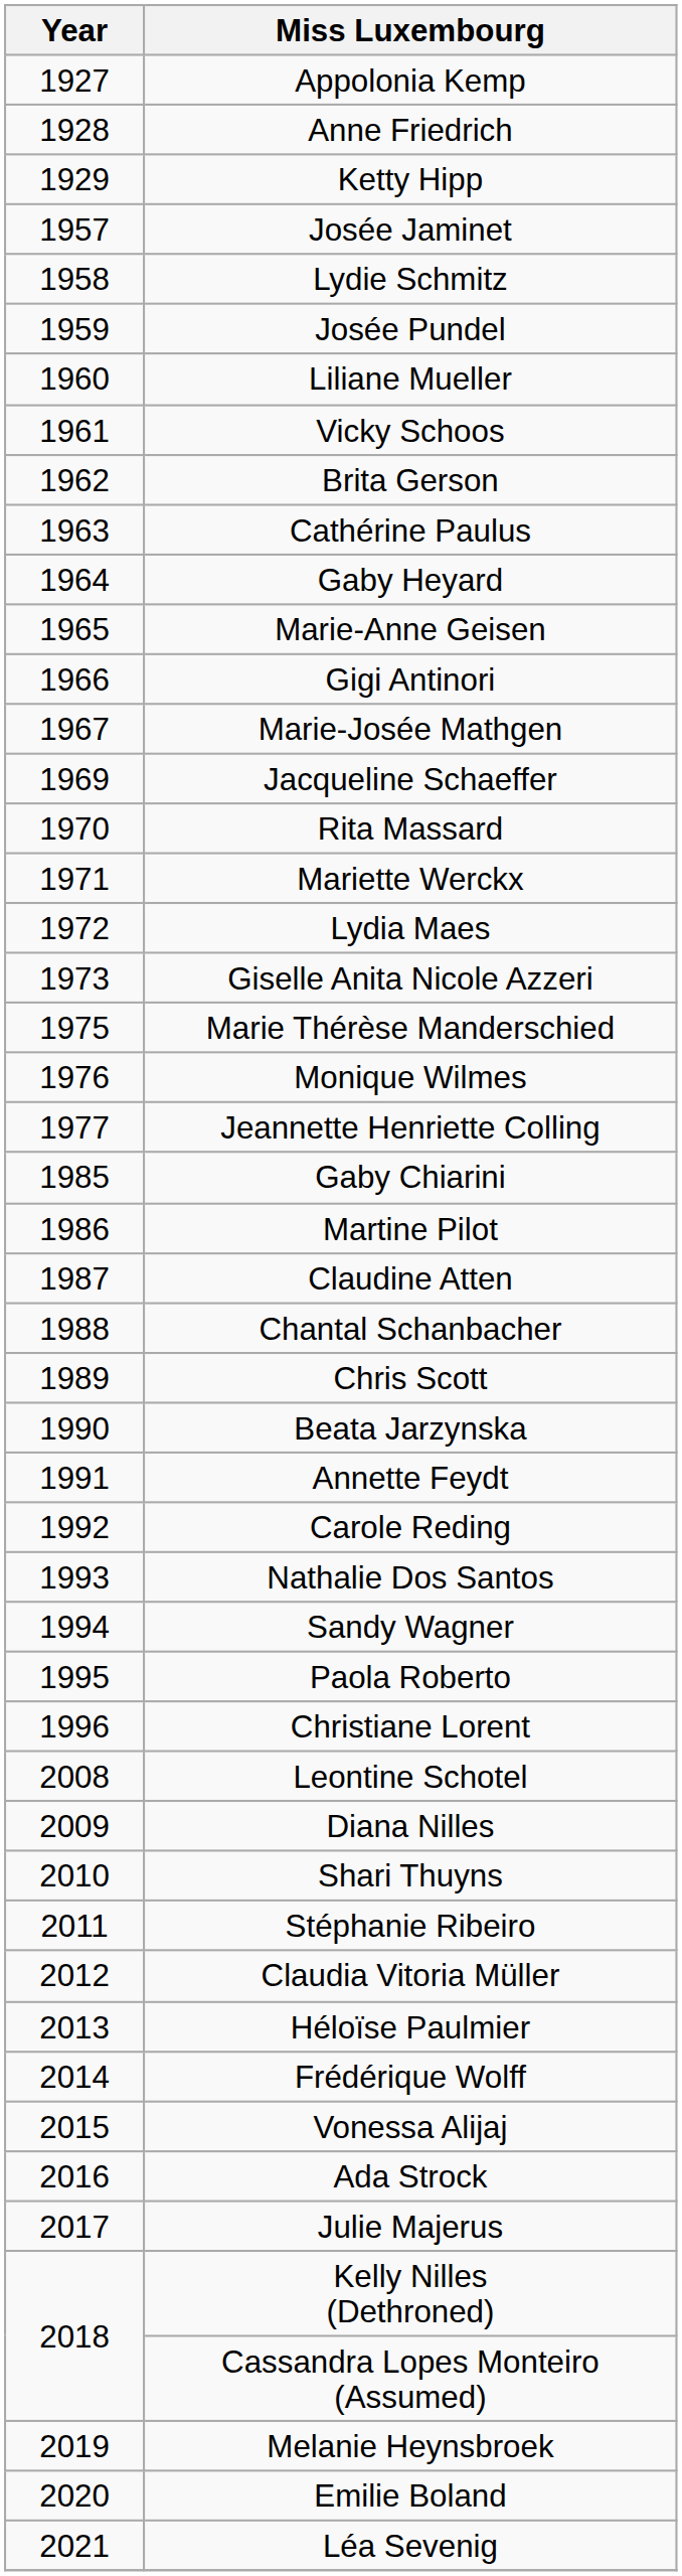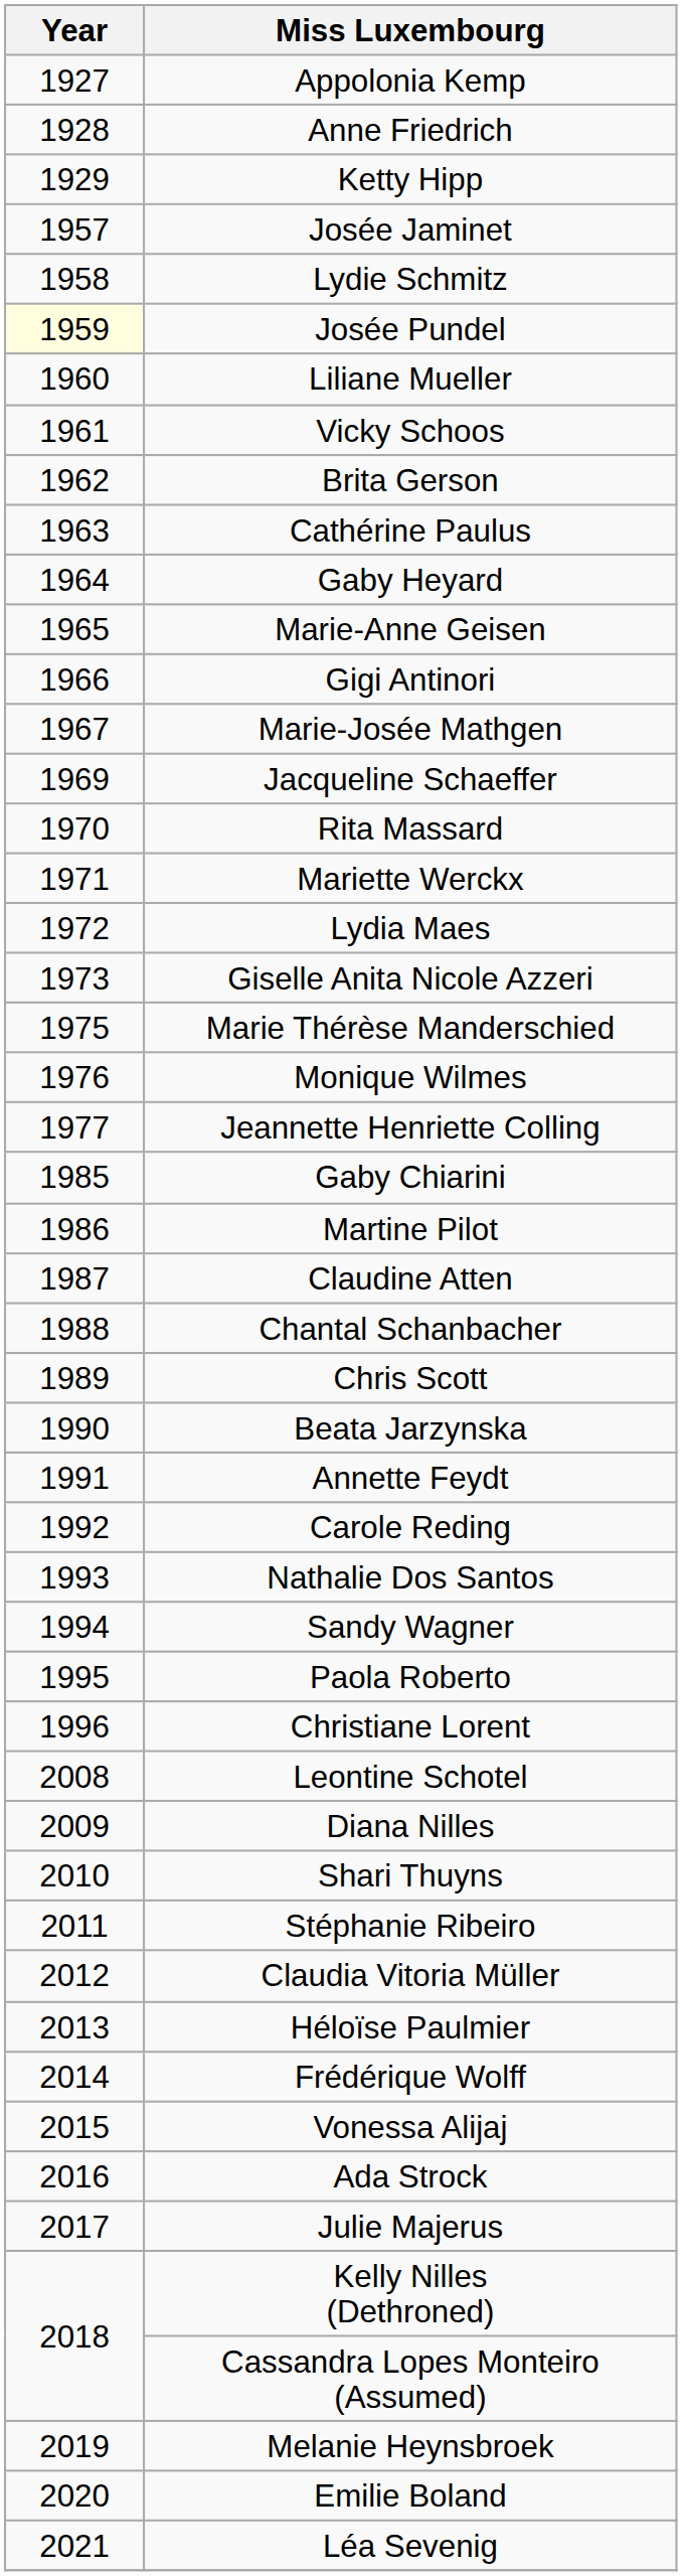 <table class="wikitable sortable" style="font-size: 95%; text-align:center">
 <tr>
 <th width="60">Year</th>
 <th width="250">Miss Luxembourg</th>
 </tr>
 <tr>
 <td>1927</td>
 <td>Appolonia Kemp</td>
 </tr>
 <tr>
 <td>1928</td>
 <td>Anne Friedrich</td>
 </tr>
 <tr>
 <td>1929</td>
 <td>Ketty Hipp</td>
 </tr>
 <tr>
 <td>1957</td>
 <td>Josée Jaminet</td>
 </tr>
 <tr>
 <td>1958</td>
 <td>Lydie Schmitz</td>
 </tr>
 <tr>
-<td>1959</td>
+<td style="background: lightyellow;">1959</td>
 <td>Josée Pundel</td>
 </tr>
 <tr>
 <td>1960</td>
 <td>Liliane Mueller</td>
 </tr>
 <tr>
 <td>1961</td>
 <td>Vicky Schoos</td>
 </tr>
 <tr>
 <td>1962</td>
 <td>Brita Gerson</td>
 </tr>
 <tr>
 <td>1963</td>
 <td>Cathérine Paulus</td>
 </tr>
 <tr>
 <td>1964</td>
 <td>Gaby Heyard</td>
 </tr>
 <tr>
 <td>1965</td>
 <td>Marie-Anne Geisen</td>
 </tr>
 <tr>
 <td>1966</td>
 <td>Gigi Antinori</td>
 </tr>
 <tr>
 <td>1967</td>
 <td>Marie-Josée Mathgen</td>
 </tr>
 <tr>
 <td>1969</td>
 <td>Jacqueline Schaeffer</td>
 </tr>
 <tr>
 <td>1970</td>
 <td>Rita Massard</td>
 </tr>
 <tr>
 <td>1971</td>
 <td>Mariette Werckx</td>
 </tr>
 <tr>
 <td>1972</td>
 <td>Lydia Maes</td>
 </tr>
 <tr>
 <td>1973</td>
 <td>Giselle Anita Nicole Azzeri</td>
 </tr>
 <tr>
 <td>1975</td>
 <td>Marie Thérèse Manderschied</td>
 </tr>
 <tr>
 <td>1976</td>
 <td>Monique Wilmes</td>
 </tr>
 <tr>
 <td>1977</td>
 <td>Jeannette Henriette Colling</td>
 </tr>
 <tr>
 <td>1985</td>
 <td>Gaby Chiarini</td>
 </tr>
 <tr>
 <td>1986</td>
 <td>Martine Pilot</td>
 </tr>
 <tr>
 <td>1987</td>
 <td>Claudine Atten</td>
 </tr>
 <tr>
 <td>1988</td>
 <td>Chantal Schanbacher</td>
 </tr>
 <tr>
 <td>1989</td>
 <td>Chris Scott</td>
 </tr>
 <tr>
 <td>1990</td>
 <td>Beata Jarzynska</td>
 </tr>
 <tr>
 <td>1991</td>
 <td>Annette Feydt</td>
 </tr>
 <tr>
 <td>1992</td>
 <td>Carole Reding</td>
 </tr>
 <tr>
 <td>1993</td>
 <td>Nathalie Dos Santos</td>
 </tr>
 <tr>
 <td>1994</td>
 <td>Sandy Wagner</td>
 </tr>
 <tr>
 <td>1995</td>
 <td>Paola Roberto</td>
 </tr>
 <tr>
 <td>1996</td>
 <td>Christiane Lorent</td>
 </tr>
 <tr>
 <td>2008</td>
 <td>Leontine Schotel</td>
 </tr>
 <tr>
 <td>2009</td>
 <td>Diana Nilles</td>
 </tr>
 <tr>
 <td>2010</td>
 <td>Shari Thuyns</td>
 </tr>
 <tr>
 <td>2011</td>
 <td>Stéphanie Ribeiro</td>
 </tr>
 <tr>
 <td>2012</td>
 <td>Claudia Vitoria Müller</td>
 </tr>
 <tr>
 <td>2013</td>
 <td>Héloïse Paulmier</td>
 </tr>
 <tr>
 <td>2014</td>
 <td>Frédérique Wolff</td>
 </tr>
 <tr>
 <td>2015</td>
 <td>Vonessa Alijaj</td>
 </tr>
 <tr>
 <td>2016</td>
 <td>Ada Strock</td>
 </tr>
 <tr>
 <td>2017</td>
 <td>Julie Majerus</td>
 </tr>
 <tr>
 <td rowspan=2>2018</td>
 <td>Kelly Nilles<br>(Dethroned)</td>
 </tr>
 <tr>
 <td>Cassandra Lopes Monteiro<br>(Assumed)</td>
 </tr>
 <tr>
 <td>2019</td>
 <td>Melanie Heynsbroek</td>
 </tr>
 <tr>
 <td>2020</td>
 <td>Emilie Boland</td>
 </tr>
 <tr>
 <td>2021</td>
 <td>Léa Sevenig</td>
 </tr>
 <tr>
 </tr>
 </table>
